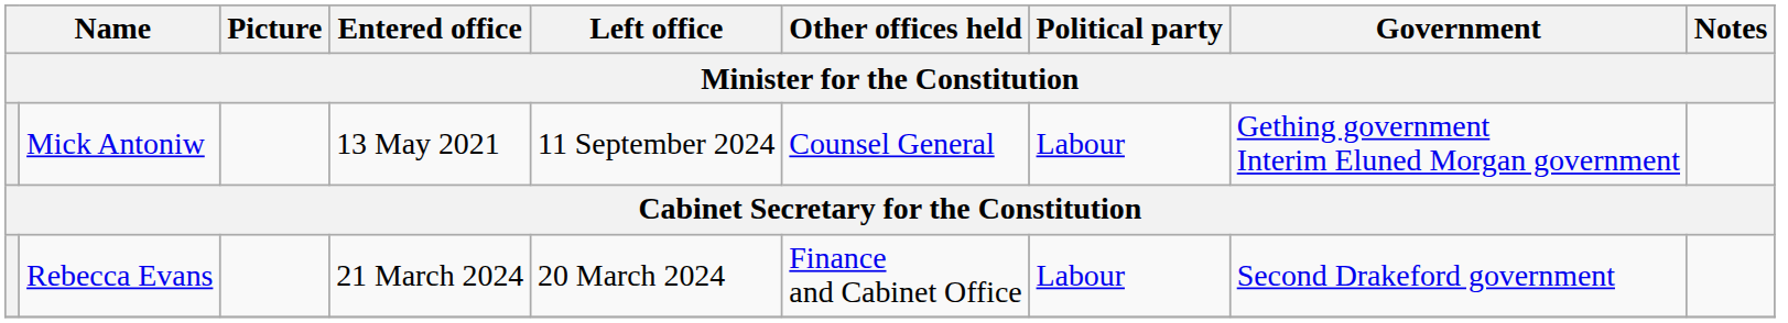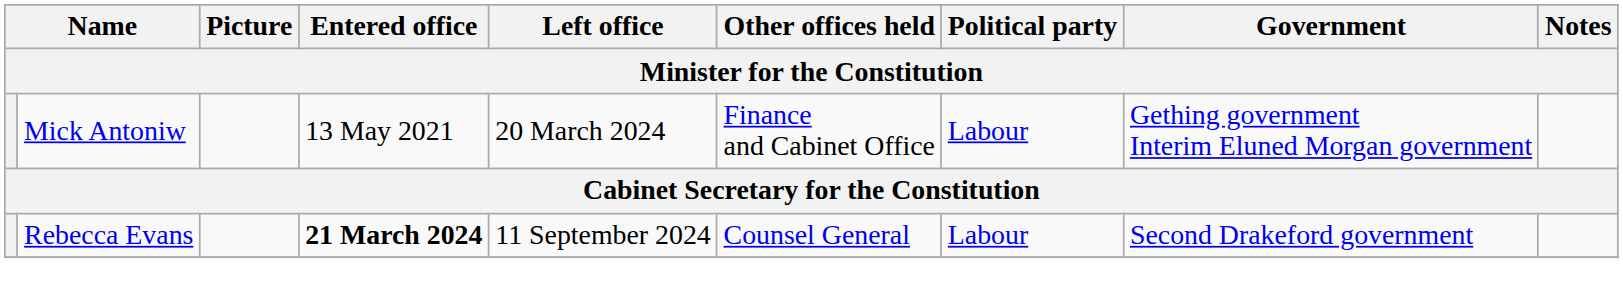 <table class="wikitable">
 <tr>
 <th colspan="2">Name</th>
 <th>Picture</th>
 <th>Entered office</th>
 <th>Left office</th>
 <th>Other offices held</th>
 <th>Political party</th>
 <th>Government</th>
 <th>Notes</th>
 </tr>
 <tr>
 <th colspan="9">Minister <strong>for the Constitution</strong></th>
 </tr>
 <tr>
 <th style="background-color:"></th>
 <td><a href='#'>Mick Antoniw</a></td>
 <td></td>
 <td>13 May 2021</td>
-<td>11 September 2024</td>
-<td><a href='#'>Counsel General</a></td>
+<td>20 March 2024</td>
+<td><a href='#'>Finance</a><br>and Cabinet Office</td>
 <td><a href='#'>Labour</a></td>
 <td><a href='#'>Gething government</a><br><a href='#'>Interim Eluned Morgan government</a></td>
 <td></td>
 </tr>
 <tr>
 <th colspan="9">Cabinet Secretary <strong>for the Constitution</strong></th>
 </tr>
 <tr>
 <th style="background-color:"></th>
 <td><a href='#'>Rebecca Evans</a></td>
 <td></td>
-<td>21 March 2024</td>
-<td>20 March 2024</td>
-<td><a href='#'>Finance</a><br>and Cabinet Office</td>
+<td><strong>21 March 2024</strong></td>
+<td>11 September 2024</td>
+<td><a href='#'>Counsel General</a></td>
 <td><a href='#'>Labour</a></td>
 <td><a href='#'>Second Drakeford government</a></td>
 <td></td>
 </tr>
 <tr>
 </tr>
 </table>
